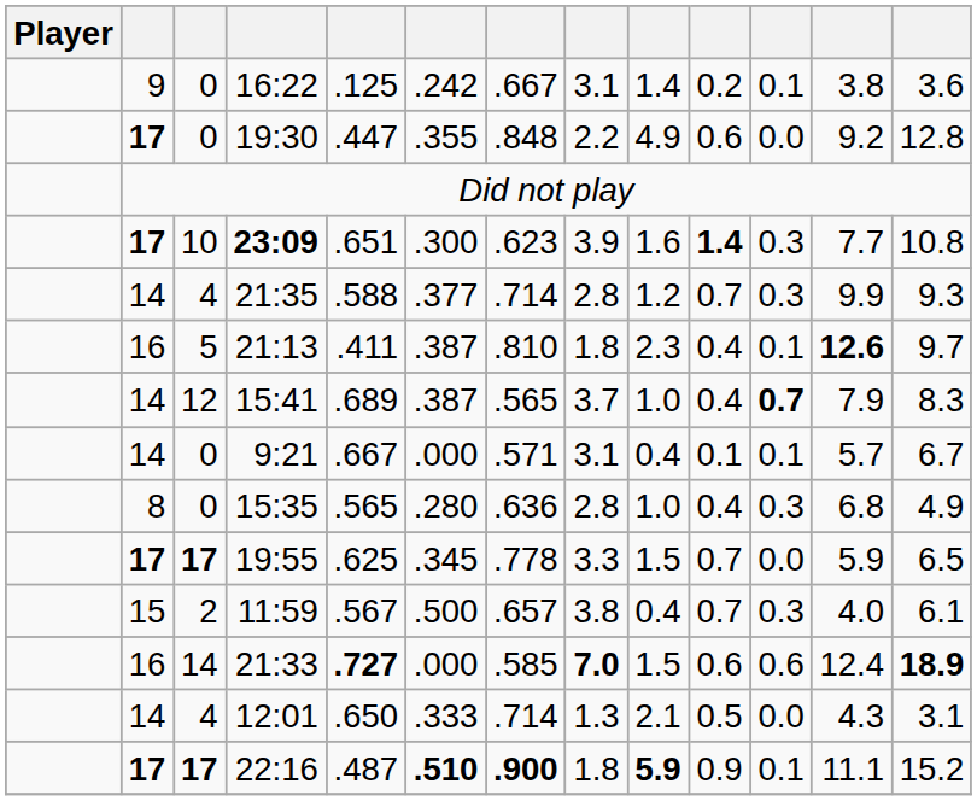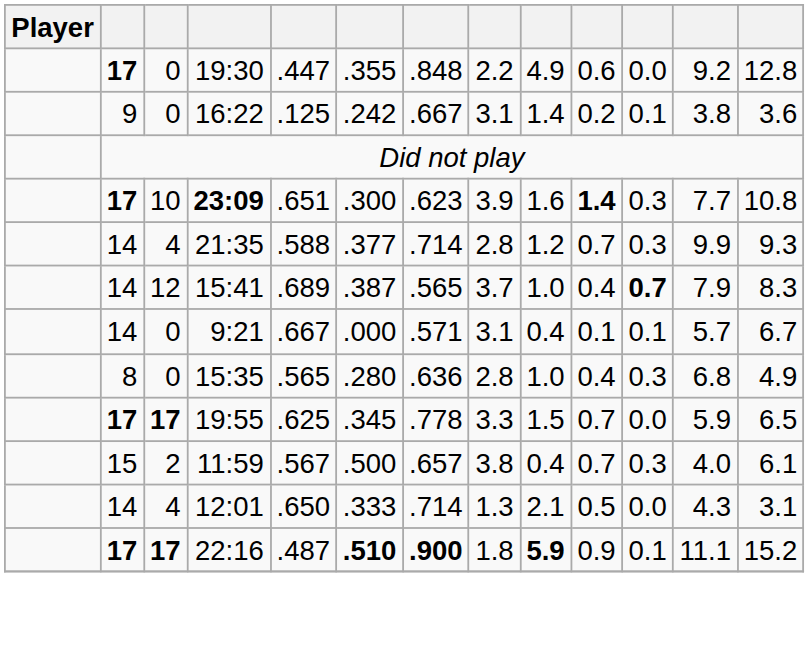 <table class="wikitable sortable" style="font-size:95%; text-align:right;">
 <tr>
 <th>Player</th>
 <th></th>
 <th></th>
 <th></th>
 <th></th>
 <th></th>
 <th></th>
 <th></th>
 <th></th>
 <th></th>
 <th></th>
 <th></th>
 <th></th>
 </tr>
 <tr>
 <td><strong></strong></td>
+<td><strong>17</strong></td>
+<td>0</td>
+<td>19:30</td>
+<td>.447</td>
+<td>.355</td>
+<td>.848</td>
+<td>2.2</td>
+<td>4.9</td>
+<td>0.6</td>
+<td>0.0</td>
+<td>9.2</td>
+<td>12.8</td>
+</tr>
+<tr>
+<td><strong></strong></td>
 <td>9</td>
 <td>0</td>
 <td>16:22</td>
 <td>.125</td>
 <td>.242</td>
 <td>.667</td>
 <td>3.1</td>
 <td>1.4</td>
 <td>0.2</td>
 <td>0.1</td>
 <td>3.8</td>
 <td>3.6</td>
-</tr>
-<tr>
-<td><strong></strong></td>
-<td><strong>17</strong></td>
-<td>0</td>
-<td>19:30</td>
-<td>.447</td>
-<td>.355</td>
-<td>.848</td>
-<td>2.2</td>
-<td>4.9</td>
-<td>0.6</td>
-<td>0.0</td>
-<td>9.2</td>
-<td>12.8</td>
 </tr>
 <tr>
 <td><strong></strong></td>
 <td colspan=12 style="text-align:center;"><em>Did not play</em></td>
 </tr>
 <tr>
 <td><strong></strong></td>
 <td><strong>17</strong></td>
 <td>10</td>
 <td><strong>23:09</strong></td>
 <td>.651</td>
 <td>.300</td>
 <td>.623</td>
 <td>3.9</td>
 <td>1.6</td>
 <td><strong>1.4</strong></td>
 <td>0.3</td>
 <td>7.7</td>
 <td>10.8</td>
 </tr>
 <tr>
 <td><strong></strong></td>
 <td>14</td>
 <td>4</td>
 <td>21:35</td>
 <td>.588</td>
 <td>.377</td>
 <td>.714</td>
 <td>2.8</td>
 <td>1.2</td>
 <td>0.7</td>
 <td>0.3</td>
 <td>9.9</td>
 <td>9.3</td>
-</tr>
-<tr>
-<td><strong></strong></td>
-<td>16</td>
-<td>5</td>
-<td>21:13</td>
-<td>.411</td>
-<td>.387</td>
-<td>.810</td>
-<td>1.8</td>
-<td>2.3</td>
-<td>0.4</td>
-<td>0.1</td>
-<td><strong>12.6</strong></td>
-<td>9.7</td>
 </tr>
 <tr>
 <td><strong></strong></td>
 <td>14</td>
 <td>12</td>
 <td>15:41</td>
 <td>.689</td>
 <td>.387</td>
 <td>.565</td>
 <td>3.7</td>
 <td>1.0</td>
 <td>0.4</td>
 <td><strong>0.7</strong></td>
 <td>7.9</td>
 <td>8.3</td>
 </tr>
 <tr>
 <td><strong></strong></td>
 <td>14</td>
 <td>0</td>
 <td>9:21</td>
 <td>.667</td>
 <td>.000</td>
 <td>.571</td>
 <td>3.1</td>
 <td>0.4</td>
 <td>0.1</td>
 <td>0.1</td>
 <td>5.7</td>
 <td>6.7</td>
 </tr>
 <tr>
 <td><strong></strong></td>
 <td>8</td>
 <td>0</td>
 <td>15:35</td>
 <td>.565</td>
 <td>.280</td>
 <td>.636</td>
 <td>2.8</td>
 <td>1.0</td>
 <td>0.4</td>
 <td>0.3</td>
 <td>6.8</td>
 <td>4.9</td>
 </tr>
 <tr>
 <td><strong></strong></td>
 <td><strong>17</strong></td>
 <td><strong>17</strong></td>
 <td>19:55</td>
 <td>.625</td>
 <td>.345</td>
 <td>.778</td>
 <td>3.3</td>
 <td>1.5</td>
 <td>0.7</td>
 <td>0.0</td>
 <td>5.9</td>
 <td>6.5</td>
 </tr>
 <tr>
 <td><strong></strong></td>
 <td>15</td>
 <td>2</td>
 <td>11:59</td>
 <td>.567</td>
 <td>.500</td>
 <td>.657</td>
 <td>3.8</td>
 <td>0.4</td>
 <td>0.7</td>
 <td>0.3</td>
 <td>4.0</td>
 <td>6.1</td>
 </tr>
 <tr>
 <td><strong></strong></td>
-<td>16</td>
-<td>14</td>
-<td>21:33</td>
-<td><strong>.727</strong></td>
-<td>.000</td>
-<td>.585</td>
-<td><strong>7.0</strong></td>
-<td>1.5</td>
-<td>0.6</td>
-<td>0.6</td>
-<td>12.4</td>
-<td><strong>18.9</strong></td>
-</tr>
-<tr>
-<td><strong></strong></td>
 <td>14</td>
 <td>4</td>
 <td>12:01</td>
 <td>.650</td>
 <td>.333</td>
 <td>.714</td>
 <td>1.3</td>
 <td>2.1</td>
 <td>0.5</td>
 <td>0.0</td>
 <td>4.3</td>
 <td>3.1</td>
 </tr>
 <tr>
 <td><strong></strong></td>
 <td><strong>17</strong></td>
 <td><strong>17</strong></td>
 <td>22:16</td>
 <td>.487</td>
 <td><strong>.510</strong></td>
 <td><strong>.900</strong></td>
 <td>1.8</td>
 <td><strong>5.9</strong></td>
 <td>0.9</td>
 <td>0.1</td>
 <td>11.1</td>
 <td>15.2</td>
 </tr>
 <tr>
 </tr>
 </table>
